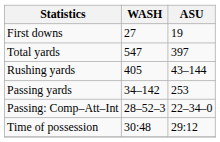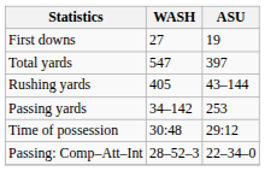 <table class="wikitable" style="float: left;">
 <tr>
 <th>Statistics</th>
 <th>WASH</th>
 <th>ASU</th>
 </tr>
 <tr>
 <td>First downs</td>
 <td>27</td>
 <td>19</td>
 </tr>
 <tr>
 <td>Total yards</td>
 <td>547</td>
 <td>397</td>
 </tr>
 <tr>
 <td>Rushing yards</td>
 <td>405</td>
 <td>43–144</td>
 </tr>
 <tr>
 <td>Passing yards</td>
 <td>34–142</td>
 <td>253</td>
 </tr>
 <tr>
+<td>Time of possession</td>
+<td>30:48</td>
+<td>29:12</td>
+</tr>
+<tr>
 <td>Passing: Comp–Att–Int</td>
 <td>28–52–3</td>
 <td>22–34–0</td>
 </tr>
 <tr>
-<td>Time of possession</td>
-<td>30:48</td>
-<td>29:12</td>
-</tr>
-<tr>
 </tr>
 </table>
